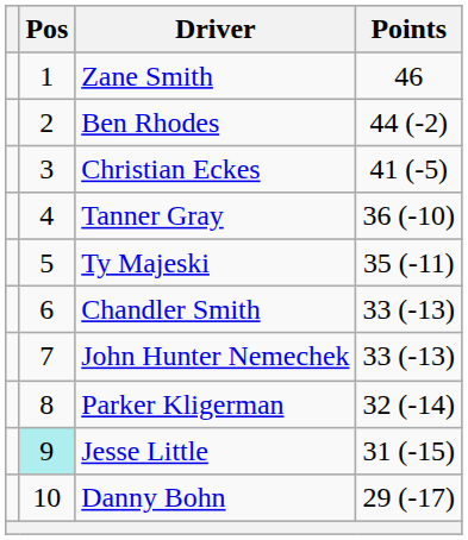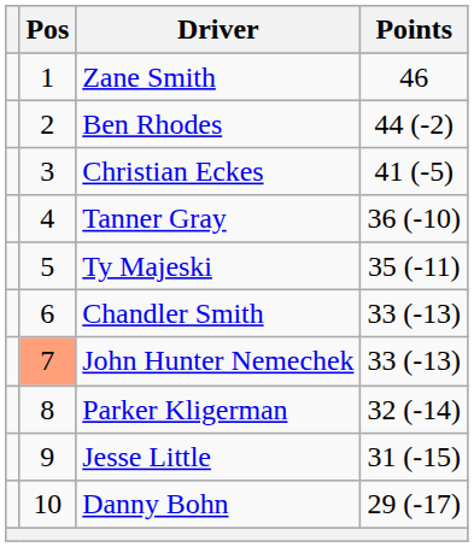 <table class="wikitable" style="font-size: 95%;">
 <tr>
 <th></th>
 <th>Pos</th>
 <th>Driver</th>
 <th>Points</th>
 </tr>
 <tr>
 <td align="left"></td>
 <td style="text-align:center;">1</td>
 <td><a href='#'>Zane Smith</a></td>
 <td style="text-align:center;">46</td>
 </tr>
 <tr>
 <td align="left"></td>
 <td style="text-align:center;">2</td>
 <td><a href='#'>Ben Rhodes</a></td>
 <td style="text-align:center;">44 (-2)</td>
 </tr>
 <tr>
 <td align="left"></td>
 <td style="text-align:center;">3</td>
 <td><a href='#'>Christian Eckes</a></td>
 <td style="text-align:center;">41 (-5)</td>
 </tr>
 <tr>
 <td align="left"></td>
 <td style="text-align:center;">4</td>
 <td><a href='#'>Tanner Gray</a></td>
 <td style="text-align:center;">36 (-10)</td>
 </tr>
 <tr>
 <td align="left"></td>
 <td style="text-align:center;">5</td>
 <td><a href='#'>Ty Majeski</a></td>
 <td style="text-align:center;">35 (-11)</td>
 </tr>
 <tr>
 <td align="left"></td>
 <td style="text-align:center;">6</td>
 <td><a href='#'>Chandler Smith</a></td>
 <td style="text-align:center;">33 (-13)</td>
 </tr>
 <tr>
 <td align="left"></td>
-<td style="text-align:center;">7</td>
+<td style="background: lightsalmon; text-align:center;">7</td>
 <td><a href='#'>John Hunter Nemechek</a></td>
 <td style="text-align:center;">33 (-13)</td>
 </tr>
 <tr>
 <td align="left"></td>
 <td style="text-align:center;">8</td>
 <td><a href='#'>Parker Kligerman</a></td>
 <td style="text-align:center;">32 (-14)</td>
 </tr>
 <tr>
 <td align="left"></td>
-<td style="background: paleturquoise; text-align:center;">9</td>
+<td style="text-align:center;">9</td>
 <td><a href='#'>Jesse Little</a></td>
 <td style="text-align:center;">31 (-15)</td>
 </tr>
 <tr>
 <td align="left"></td>
 <td style="text-align:center;">10</td>
 <td><a href='#'>Danny Bohn</a></td>
 <td style="text-align:center;">29 (-17)</td>
 </tr>
 <tr class="sortbottom">
 <th colspan="9"></th>
 </tr>
 </table>
